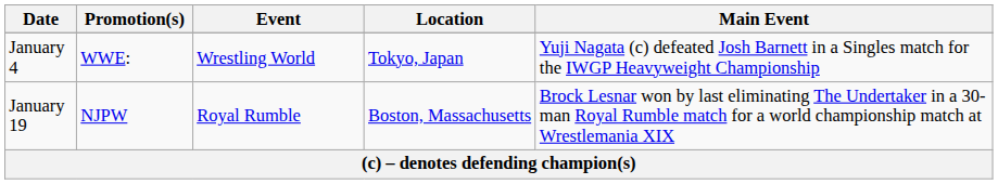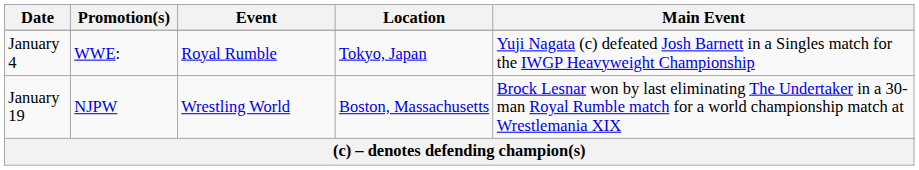 <table class="wikitable" style="width:100%;">
 <tr>
 <th width="5%">Date</th>
 <th width="5%">Promotion(s)</th>
 <th style="width:15%;">Event</th>
 <th style="width:15%;">Location</th>
 <th style="width:40%;">Main Event</th>
 </tr>
 <tr style="width:20%;" |Notes>
 </tr>
 <tr>
 <td>January 4</td>
 <td><a href='#'>WWE</a>:<br></td>
-<td><a href='#'>Wrestling World</a></td>
+<td><a href='#'>Royal Rumble</a></td>
 <td><a href='#'>Tokyo, Japan</a></td>
 <td><a href='#'>Yuji Nagata</a> (c) defeated <a href='#'>Josh Barnett</a> in a Singles match for the <a href='#'>IWGP Heavyweight Championship</a></td>
 </tr>
 <tr>
 <td>January 19</td>
 <td><a href='#'>NJPW</a></td>
-<td><a href='#'>Royal Rumble</a></td>
+<td><a href='#'>Wrestling World</a></td>
 <td><a href='#'>Boston, Massachusetts</a></td>
 <td><a href='#'>Brock Lesnar</a> won by last eliminating <a href='#'>The Undertaker</a> in a 30-man <a href='#'>Royal Rumble match</a> for a world championship match at <a href='#'>Wrestlemania XIX</a></td>
 </tr>
 <tr>
 <th colspan="6">(c) – denotes defending champion(s)</th>
 </tr>
 </table>
